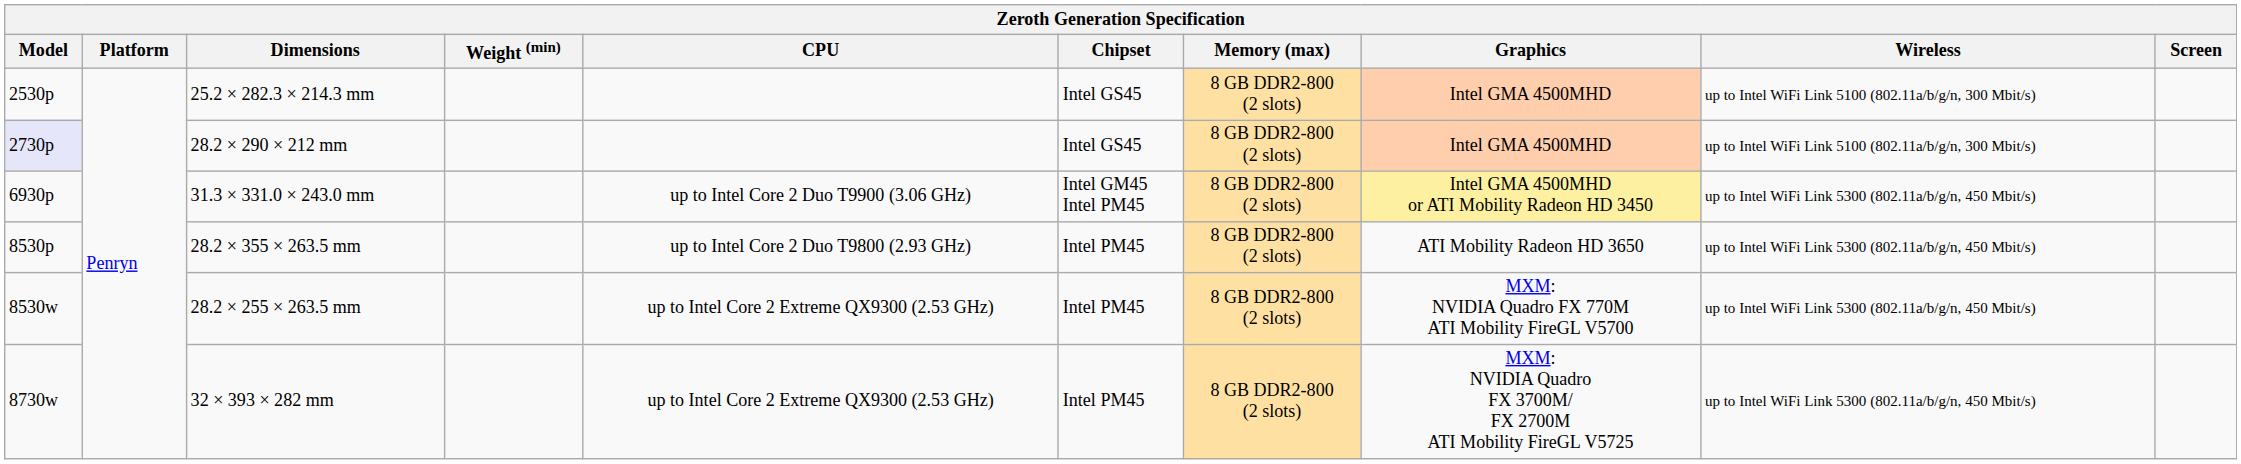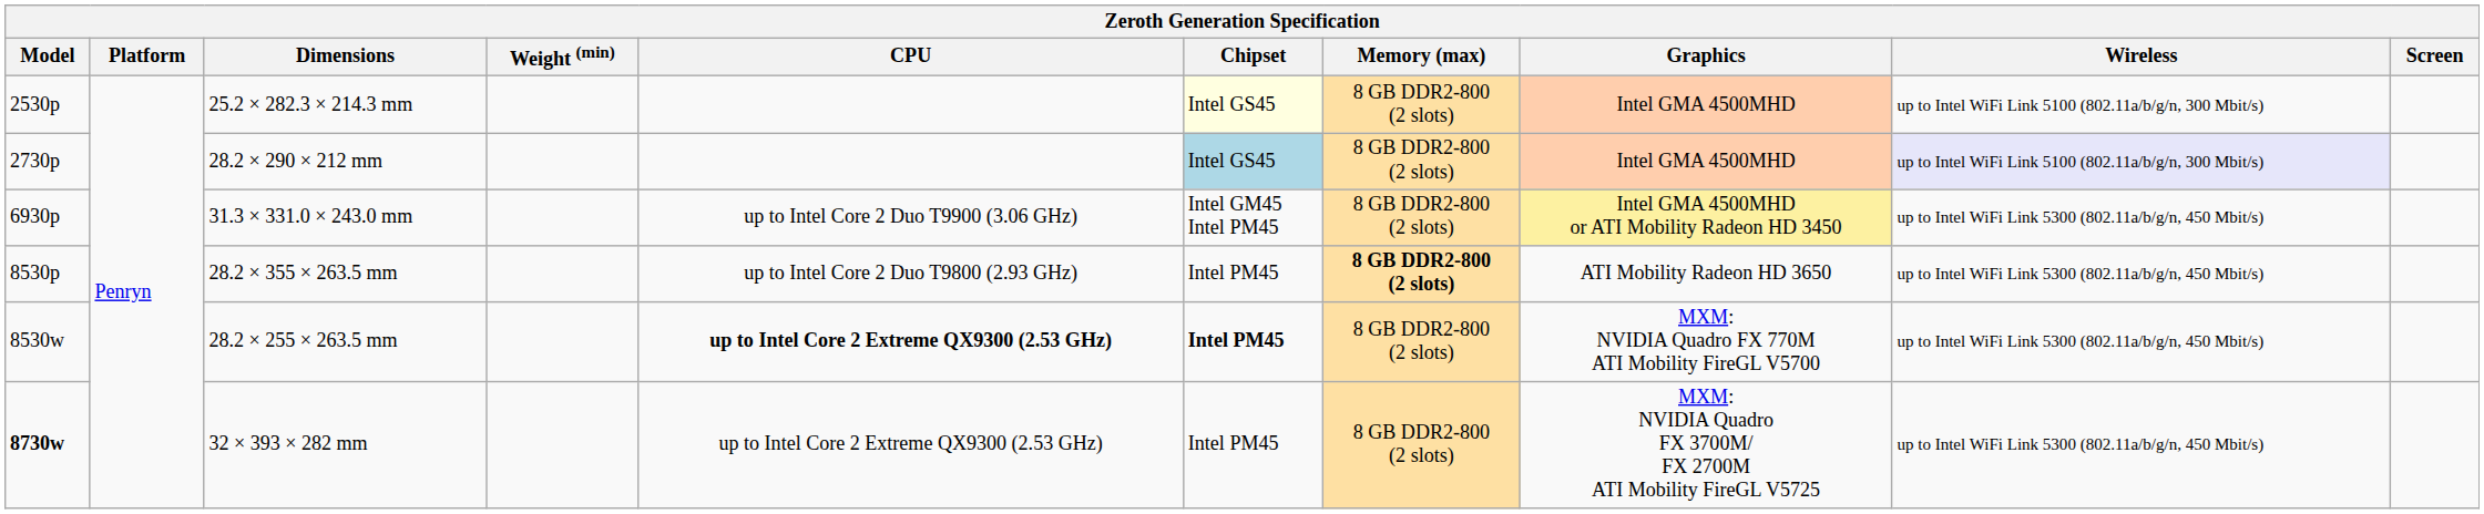 <table class="wikitable mw-collapsible mw-collapsed" style="font-size: 80%; width: 100%;">
 <tr>
 <th colspan="10">Zeroth Generation Specification</th>
 </tr>
 <tr>
 <th>Model</th>
 <th>Platform</th>
 <th>Dimensions</th>
 <th>Weight <sup>(min)</sup></th>
 <th>CPU</th>
 <th>Chipset</th>
 <th>Memory (max)</th>
 <th>Graphics</th>
 <th>Wireless</th>
 <th>Screen</th>
 </tr>
 <tr>
 <td>2530p</td>
 <td rowspan="6"><a href='#'>Penryn</a></td>
 <td>25.2 × 282.3 × 214.3 mm</td>
 <td></td>
 <td></td>
-<td>Intel GS45</td>
+<td style="background: lightyellow;">Intel GS45</td>
 <td style="text-align:center;background:#fee0a3;">8 GB DDR2-800<br>(2 slots)</td>
 <td style="text-align:center;background:#ffcead;">Intel GMA 4500MHD</td>
 <td><small>up to Intel WiFi Link 5100 (802.11a/b/g/n, 300 Mbit/s)</small></td>
 <td></td>
 </tr>
 <tr>
-<td style="background: lavender;">2730p</td>
+<td>2730p</td>
 <td>28.2 × 290 × 212 mm</td>
 <td></td>
 <td></td>
-<td>Intel GS45</td>
+<td style="background: lightblue;">Intel GS45</td>
 <td style="text-align:center;background:#fee0a3;">8 GB DDR2-800<br>(2 slots)</td>
 <td style="text-align:center;background:#ffcead;">Intel GMA 4500MHD</td>
-<td><small>up to Intel WiFi Link 5100 (802.11a/b/g/n, 300 Mbit/s)</small></td>
+<td style="background: lavender;"><small>up to Intel WiFi Link 5100 (802.11a/b/g/n, 300 Mbit/s)</small></td>
 <td></td>
 </tr>
 <tr>
 <td>6930p</td>
 <td>31.3 × 331.0 × 243.0 mm</td>
 <td></td>
 <td style="text-align:center;background:">up to Intel Core 2 Duo T9900 (3.06 GHz)</td>
 <td>Intel GM45<br>Intel PM45</td>
 <td style="text-align:center;background:#fee0a3;">8 GB DDR2-800<br>(2 slots)</td>
 <td style="text-align:center;background:#fdf1a1;">Intel GMA 4500MHD<br>or ATI Mobility Radeon HD 3450</td>
 <td><small>up to Intel WiFi Link 5300 (802.11a/b/g/n, 450 Mbit/s)</small></td>
 <td></td>
 </tr>
 <tr>
 <td>8530p</td>
 <td>28.2 × 355 × 263.5 mm</td>
 <td></td>
 <td style="text-align:center;background:">up to Intel Core 2 Duo T9800 (2.93 GHz)</td>
 <td>Intel PM45</td>
-<td style="text-align:center;background:#fee0a3;">8 GB DDR2-800<br>(2 slots)</td>
+<td style="text-align:center;background:#fee0a3;"><strong>8 GB DDR2-800<br>(2 slots)</strong></td>
 <td style="text-align:center;background:">ATI Mobility Radeon HD 3650</td>
 <td><small>up to Intel WiFi Link 5300 (802.11a/b/g/n, 450 Mbit/s)</small></td>
 <td></td>
 </tr>
 <tr>
 <td>8530w</td>
 <td>28.2 × 255 × 263.5 mm</td>
 <td></td>
-<td style="text-align:center;background:">up to Intel Core 2 Extreme QX9300 (2.53 GHz)</td>
-<td>Intel PM45</td>
+<td style="text-align:center;background:"><strong>up to Intel Core 2 Extreme QX9300 (2.53 GHz)</strong></td>
+<td><strong>Intel PM45</strong></td>
 <td style="text-align:center;background:#fee0a3;">8 GB DDR2-800<br>(2 slots)</td>
 <td style="text-align:center;background:"><a href='#'>MXM</a>:<br>NVIDIA Quadro FX 770M<br>ATI Mobility FireGL V5700</td>
 <td><small>up to Intel WiFi Link 5300 (802.11a/b/g/n, 450 Mbit/s)</small></td>
 <td></td>
 </tr>
 <tr>
-<td>8730w</td>
+<td><strong>8730w</strong></td>
 <td>32 × 393 × 282 mm</td>
 <td></td>
 <td style="text-align:center;background:">up to Intel Core 2 Extreme QX9300 (2.53 GHz)</td>
 <td>Intel PM45</td>
 <td style="text-align:center;background:#fee0a3;">8 GB DDR2-800<br>(2 slots)</td>
 <td style="text-align:center;background:"><a href='#'>MXM</a>:<br>NVIDIA Quadro<br>FX 3700M/<br>FX 2700M<br>ATI Mobility FireGL V5725</td>
 <td><small>up to Intel WiFi Link 5300 (802.11a/b/g/n, 450 Mbit/s)</small></td>
 <td></td>
 </tr>
 </table>
